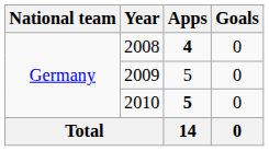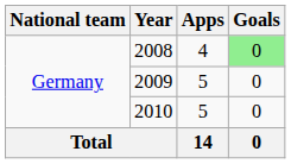 <table class="wikitable" style="text-align:center">
 <tr>
 <th>National team</th>
 <th>Year</th>
 <th>Apps</th>
 <th>Goals</th>
 </tr>
 <tr>
 <td rowspan="3"><a href='#'>Germany</a></td>
 <td>2008</td>
-<td><strong>4</strong></td>
-<td>0</td>
+<td>4</td>
+<td style="background: lightgreen;">0</td>
 </tr>
 <tr>
 <td>2009</td>
 <td>5</td>
 <td>0</td>
 </tr>
 <tr>
 <td>2010</td>
-<td><strong>5</strong></td>
+<td>5</td>
 <td>0</td>
 </tr>
 <tr>
 <th colspan="2">Total</th>
 <th>14</th>
 <th>0</th>
 </tr>
 </table>
